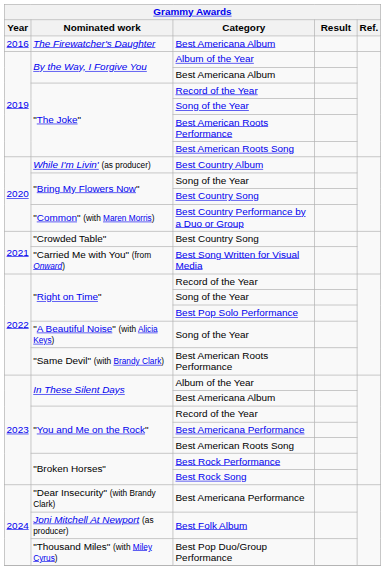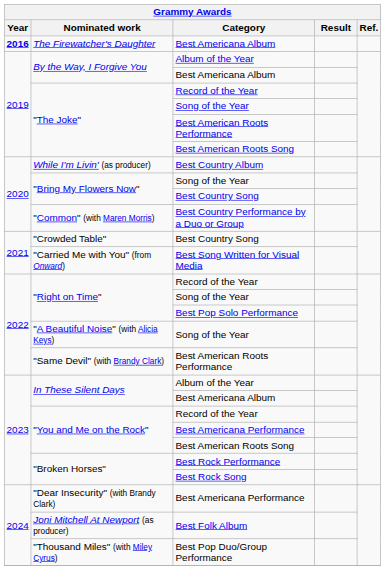 <table class="wikitable">
 <tr>
 <th colspan="5" align="center"><a href='#'>Grammy Awards</a></th>
 </tr>
 <tr>
 <th scope="col" style="width:1em;">Year</th>
 <th scope="col" style="width:25em;">Nominated work</th>
 <th scope="col" style="width:25em;">Category</th>
 <th scope="col" style="width:5em;">Result</th>
 <th scope="col" style="width:1em;">Ref.</th>
 </tr>
 <tr>
-<td align="center"><a href='#'>2016</a></td>
+<td align="center"><strong><a href='#'>2016</a></strong></td>
 <td align="left"><em><a href='#'>The Firewatcher's Daughter</a></em></td>
 <td align="left"><a href='#'>Best Americana Album</a></td>
 <td></td>
 <td align="center"></td>
 </tr>
 <tr>
 <td rowspan="6" align="center"><a href='#'>2019</a></td>
 <td rowspan="2"><em><a href='#'>By the Way, I Forgive You</a></em></td>
 <td align="left"><a href='#'>Album of the Year</a></td>
 <td></td>
 <td rowspan="6" align="center"></td>
 </tr>
 <tr>
 <td align="left">Best Americana Album</td>
 <td></td>
 </tr>
 <tr>
 <td rowspan="4">"<a href='#'>The Joke</a>"</td>
 <td align="left"><a href='#'>Record of the Year</a></td>
 <td></td>
 </tr>
 <tr>
 <td align="left"><a href='#'>Song of the Year</a></td>
 <td></td>
 </tr>
 <tr>
 <td align="left"><a href='#'>Best American Roots Performance</a></td>
 <td></td>
 </tr>
 <tr>
 <td align="left"><a href='#'>Best American Roots Song</a></td>
 <td></td>
 </tr>
 <tr>
 <td rowspan="4"><a href='#'>2020</a></td>
 <td><em><a href='#'>While I'm Livin'</a></em> <small>(as producer)</small></td>
 <td align="left"><a href='#'>Best Country Album</a></td>
 <td></td>
 <td rowspan="4" align="center"></td>
 </tr>
 <tr>
 <td rowspan="2">"<a href='#'>Bring My Flowers Now</a>"</td>
 <td align="left">Song of the Year</td>
 <td></td>
 </tr>
 <tr>
 <td align="left"><a href='#'>Best Country Song</a></td>
 <td></td>
 </tr>
 <tr>
 <td>"<a href='#'>Common</a>" <small>(with <a href='#'>Maren Morris</a>)</small></td>
 <td align="left"><a href='#'>Best Country Performance by a Duo or Group</a></td>
 <td></td>
 </tr>
 <tr>
 <td rowspan="2"><a href='#'>2021</a></td>
 <td>"Crowded Table"</td>
 <td align="left">Best Country Song</td>
 <td></td>
 <td rowspan="2" align="center"></td>
 </tr>
 <tr>
 <td>"Carried Me with You" <small>(from <em><a href='#'>Onward</a></em>)</small></td>
 <td align="left"><a href='#'>Best Song Written for Visual Media</a></td>
 <td></td>
 </tr>
 <tr>
 <td rowspan="5"><a href='#'>2022</a></td>
 <td rowspan="3">"<a href='#'>Right on Time</a>"</td>
 <td align="left">Record of the Year</td>
 <td></td>
 <td rowspan="5" align="center"></td>
 </tr>
 <tr>
 <td align="left">Song of the Year</td>
 <td></td>
 </tr>
 <tr>
 <td align="left"><a href='#'>Best Pop Solo Performance</a></td>
 <td></td>
 </tr>
 <tr>
 <td>"<a href='#'>A Beautiful Noise</a>" <small>(with <a href='#'>Alicia Keys</a>)</small></td>
 <td align="left">Song of the Year</td>
 <td></td>
 </tr>
 <tr>
 <td>"Same Devil" <small>(with <a href='#'>Brandy Clark</a>)</small></td>
 <td align="left">Best American Roots Performance</td>
 <td></td>
 </tr>
 <tr>
 <td rowspan="7"><a href='#'>2023</a></td>
 <td rowspan="2"><em><a href='#'>In These Silent Days</a></em></td>
 <td align="left">Album of the Year</td>
 <td></td>
 <td rowspan="7" align="center"></td>
 </tr>
 <tr>
 <td align="left">Best Americana Album</td>
 <td></td>
 </tr>
 <tr>
 <td rowspan="3">"<a href='#'>You and Me on the Rock</a>"</td>
 <td align="left">Record of the Year</td>
 <td></td>
 </tr>
 <tr>
 <td align="left"><a href='#'>Best Americana Performance</a></td>
 <td></td>
 </tr>
 <tr>
 <td align="left">Best American Roots Song</td>
 <td></td>
 </tr>
 <tr>
 <td rowspan="2">"Broken Horses"</td>
 <td align="left"><a href='#'>Best Rock Performance</a></td>
 <td></td>
 </tr>
 <tr>
 <td align="left"><a href='#'>Best Rock Song</a></td>
 <td></td>
 </tr>
 <tr>
 <td rowspan="3"><a href='#'>2024</a></td>
 <td align="left">"Dear Insecurity" <small>(with Brandy Clark)</small></td>
 <td align="left">Best Americana Performance</td>
 <td></td>
 <td rowspan="3" align="center"></td>
 </tr>
 <tr>
 <td><em><a href='#'>Joni Mitchell At Newport</a></em> <small>(as producer)</small></td>
 <td align="left"><a href='#'>Best Folk Album</a></td>
 <td></td>
 </tr>
 <tr>
 <td>"Thousand Miles" <small>(with <a href='#'>Miley Cyrus</a>)</small></td>
 <td align="left">Best Pop Duo/Group Performance</td>
 <td></td>
 </tr>
 <tr>
 </tr>
 </table>
